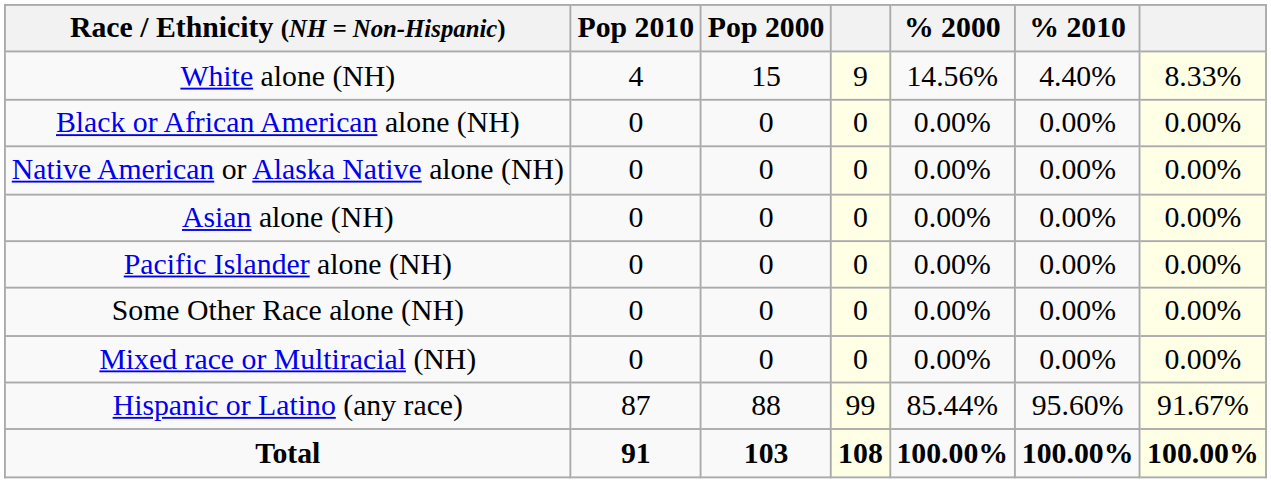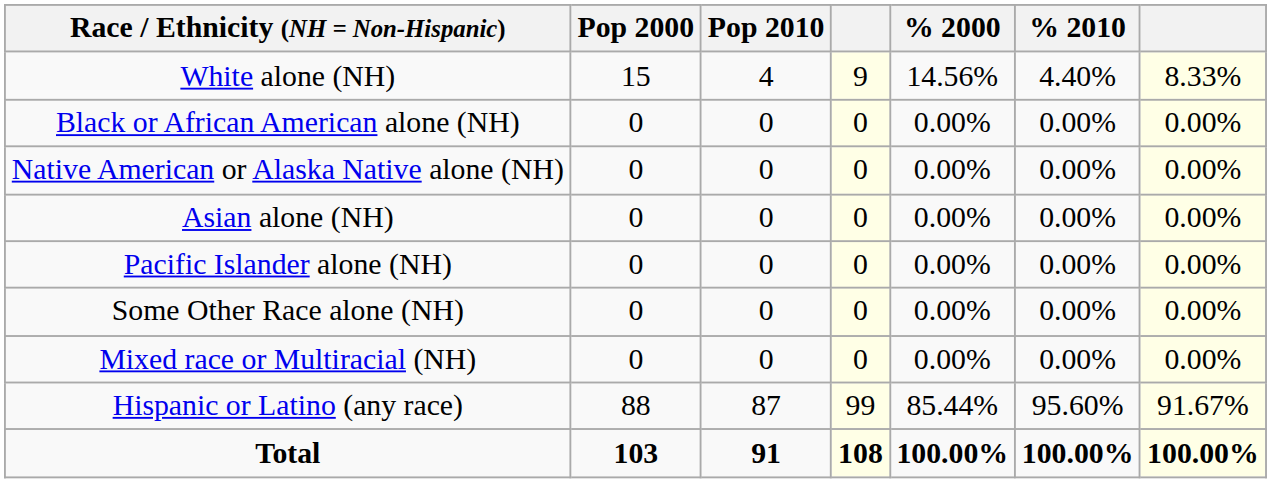 <table class="wikitable" style="text-align:center;">
 <tr>
 <th>Race / Ethnicity <small>(<em>NH = Non-Hispanic</em>)</small></th>
+<th>Pop 2000</th>
 <th>Pop 2010</th>
-<th>Pop 2000</th>
 <th></th>
 <th>% 2000</th>
 <th>% 2010</th>
 <th></th>
 </tr>
 <tr>
 <td><a href='#'>White</a> alone (NH)</td>
+<td>15</td>
 <td>4</td>
-<td>15</td>
 <td style='background: #ffffe6;'>9</td>
 <td>14.56%</td>
 <td>4.40%</td>
 <td style='background: #ffffe6;'>8.33%</td>
 </tr>
 <tr>
 <td><a href='#'>Black or African American</a> alone (NH)</td>
 <td>0</td>
 <td>0</td>
 <td style='background: #ffffe6;'>0</td>
 <td>0.00%</td>
 <td>0.00%</td>
 <td style='background: #ffffe6;'>0.00%</td>
 </tr>
 <tr>
 <td><a href='#'>Native American</a> or <a href='#'>Alaska Native</a> alone (NH)</td>
 <td>0</td>
 <td>0</td>
 <td style='background: #ffffe6;'>0</td>
 <td>0.00%</td>
 <td>0.00%</td>
 <td style='background: #ffffe6;'>0.00%</td>
 </tr>
 <tr>
 <td><a href='#'>Asian</a> alone (NH)</td>
 <td>0</td>
 <td>0</td>
 <td style='background: #ffffe6;'>0</td>
 <td>0.00%</td>
 <td>0.00%</td>
 <td style='background: #ffffe6;'>0.00%</td>
 </tr>
 <tr>
 <td><a href='#'>Pacific Islander</a> alone (NH)</td>
 <td>0</td>
 <td>0</td>
 <td style='background: #ffffe6;'>0</td>
 <td>0.00%</td>
 <td>0.00%</td>
 <td style='background: #ffffe6;'>0.00%</td>
 </tr>
 <tr>
 <td>Some Other Race alone (NH)</td>
 <td>0</td>
 <td>0</td>
 <td style='background: #ffffe6;'>0</td>
 <td>0.00%</td>
 <td>0.00%</td>
 <td style='background: #ffffe6;'>0.00%</td>
 </tr>
 <tr>
 <td><a href='#'>Mixed race or Multiracial</a> (NH)</td>
 <td>0</td>
 <td>0</td>
 <td style='background: #ffffe6;'>0</td>
 <td>0.00%</td>
 <td>0.00%</td>
 <td style='background: #ffffe6;'>0.00%</td>
 </tr>
 <tr>
 <td><a href='#'>Hispanic or Latino</a> (any race)</td>
+<td>88</td>
 <td>87</td>
-<td>88</td>
 <td style='background: #ffffe6;'>99</td>
 <td>85.44%</td>
 <td>95.60%</td>
 <td style='background: #ffffe6;'>91.67%</td>
 </tr>
 <tr>
 <td><strong>Total</strong></td>
+<td><strong>103</strong></td>
 <td><strong>91</strong></td>
-<td><strong>103</strong></td>
 <td style='background: #ffffe6;'><strong>108</strong></td>
 <td><strong>100.00%</strong></td>
 <td><strong>100.00%</strong></td>
 <td style='background: #ffffe6;'><strong>100.00%</strong></td>
 </tr>
 </table>
